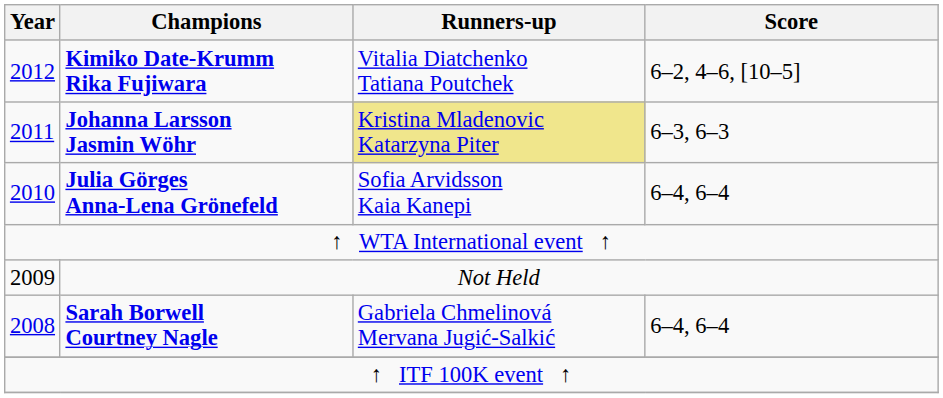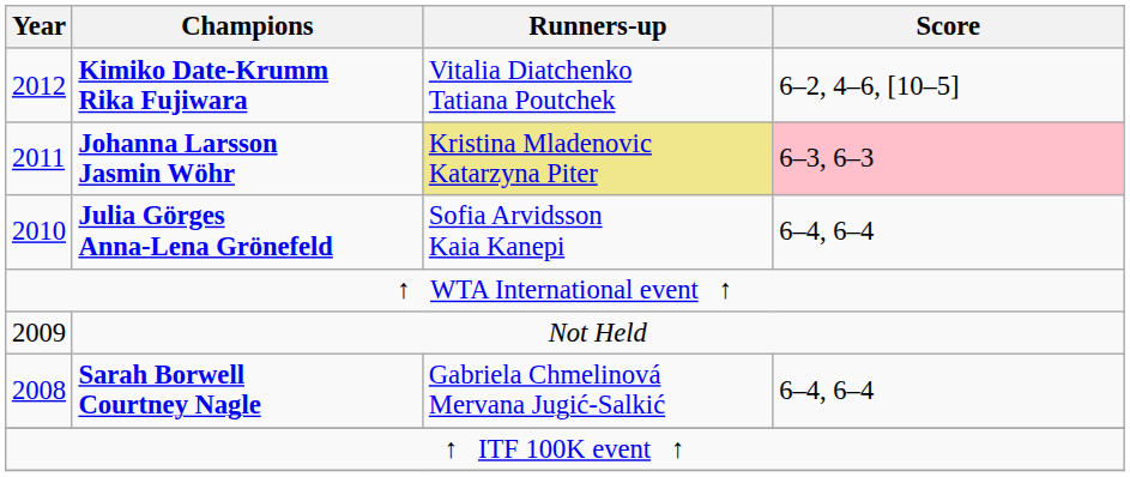 <table class="wikitable">
 <tr>
 <th>Year</th>
 <th width="200">Champions</th>
 <th width="200">Runners-up</th>
 <th width="200">Score</th>
 </tr>
 <tr>
 <td><a href='#'>2012</a></td>
 <td> <strong><a href='#'>Kimiko Date-Krumm</a></strong><br>  <strong><a href='#'>Rika Fujiwara</a></strong></td>
 <td> <a href='#'>Vitalia Diatchenko</a><br>  <a href='#'>Tatiana Poutchek</a></td>
 <td>6–2, 4–6, [10–5]</td>
 </tr>
 <tr>
 <td><a href='#'>2011</a></td>
 <td> <strong><a href='#'>Johanna Larsson</a></strong><br> <strong><a href='#'>Jasmin Wöhr</a></strong></td>
 <td style="background: khaki;"> <a href='#'>Kristina Mladenovic</a><br> <a href='#'>Katarzyna Piter</a></td>
-<td>6–3, 6–3</td>
+<td style="background: pink;">6–3, 6–3</td>
 </tr>
 <tr>
 <td><a href='#'>2010</a></td>
 <td> <strong><a href='#'>Julia Görges</a></strong><br> <strong><a href='#'>Anna-Lena Grönefeld</a></strong></td>
 <td> <a href='#'>Sofia Arvidsson</a><br> <a href='#'>Kaia Kanepi</a></td>
 <td>6–4, 6–4</td>
 </tr>
 <tr bgcolor=>
 <td colspan=5 align="center">↑   <a href='#'>WTA International event</a>   ↑</td>
 </tr>
 <tr>
 <td style=>2009</td>
 <td colspan=3 align=center style=><em>Not Held</em></td>
 </tr>
 <tr>
 <td><a href='#'>2008</a></td>
 <td> <strong><a href='#'>Sarah Borwell</a></strong><br> <strong><a href='#'>Courtney Nagle</a></strong></td>
 <td> <a href='#'>Gabriela Chmelinová</a> <br> <a href='#'>Mervana Jugić-Salkić</a></td>
 <td>6–4, 6–4</td>
 </tr>
 <tr>
 </tr>
 <tr bgcolor=>
 <td colspan=5 align="center">↑   <a href='#'>ITF 100K event</a>   ↑</td>
 </tr>
 <tr>
 </tr>
 </table>
